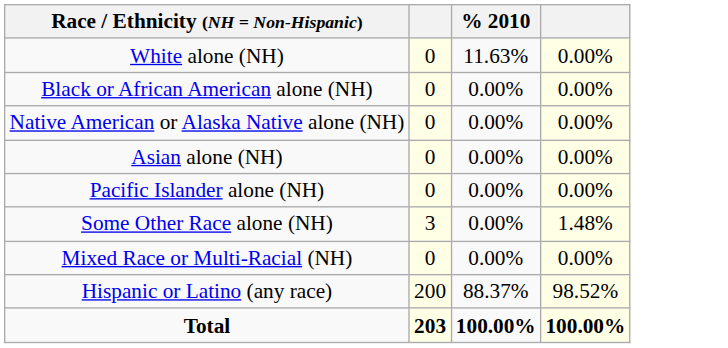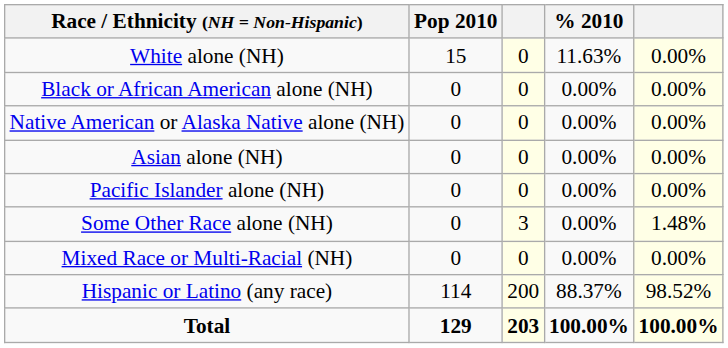 <table class="wikitable" style="text-align:center;">
 <tr>
 <th>Race / Ethnicity <small>(<em>NH = Non-Hispanic</em>)</small></th>
+<th>Pop 2010</th>
 <th></th>
 <th>% 2010</th>
 <th></th>
 </tr>
 <tr>
 <td><a href='#'>White</a> alone (NH)</td>
+<td>15</td>
 <td style='background: #ffffe6;'>0</td>
 <td>11.63%</td>
 <td style='background: #ffffe6;'>0.00%</td>
 </tr>
 <tr>
 <td><a href='#'>Black or African American</a> alone (NH)</td>
+<td>0</td>
 <td style='background: #ffffe6;'>0</td>
 <td>0.00%</td>
 <td style='background: #ffffe6;'>0.00%</td>
 </tr>
 <tr>
 <td><a href='#'>Native American</a> or <a href='#'>Alaska Native</a> alone (NH)</td>
+<td>0</td>
 <td style='background: #ffffe6;'>0</td>
 <td>0.00%</td>
 <td style='background: #ffffe6;'>0.00%</td>
 </tr>
 <tr>
 <td><a href='#'>Asian</a> alone (NH)</td>
+<td>0</td>
 <td style='background: #ffffe6;'>0</td>
 <td>0.00%</td>
 <td style='background: #ffffe6;'>0.00%</td>
 </tr>
 <tr>
 <td><a href='#'>Pacific Islander</a> alone (NH)</td>
+<td>0</td>
 <td style='background: #ffffe6;'>0</td>
 <td>0.00%</td>
 <td style='background: #ffffe6;'>0.00%</td>
 </tr>
 <tr>
 <td><a href='#'>Some Other Race</a> alone (NH)</td>
+<td>0</td>
 <td style='background: #ffffe6;'>3</td>
 <td>0.00%</td>
 <td style='background: #ffffe6;'>1.48%</td>
 </tr>
 <tr>
 <td><a href='#'>Mixed Race or Multi-Racial</a> (NH)</td>
+<td>0</td>
 <td style='background: #ffffe6;'>0</td>
 <td>0.00%</td>
 <td style='background: #ffffe6;'>0.00%</td>
 </tr>
 <tr>
 <td><a href='#'>Hispanic or Latino</a> (any race)</td>
+<td>114</td>
 <td style='background: #ffffe6;'>200</td>
 <td>88.37%</td>
 <td style='background: #ffffe6;'>98.52%</td>
 </tr>
 <tr>
 <td><strong>Total</strong></td>
+<td><strong>129</strong></td>
 <td style='background: #ffffe6;'><strong>203</strong></td>
 <td><strong>100.00%</strong></td>
 <td style='background: #ffffe6;'><strong>100.00%</strong></td>
 </tr>
 </table>
